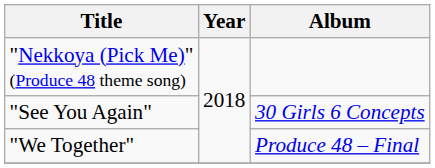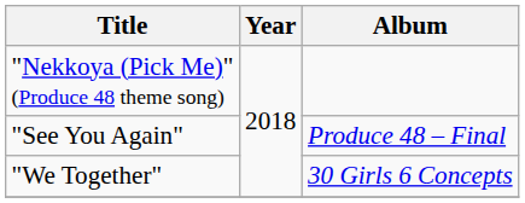 <table class="wikitable">
 <tr>
 <th>Title</th>
 <th>Year</th>
 <th>Album</th>
 </tr>
 <tr>
 <td>"<a href='#'>Nekkoya (Pick Me)</a>"<br><small>(<a href='#'>Produce 48</a> theme song)</small></td>
 <td rowspan="3">2018</td>
 <td></td>
 </tr>
 <tr>
 <td>"See You Again"</td>
-<td><em><a href='#'>30 Girls 6 Concepts</a></em></td>
+<td><em><a href='#'>Produce 48 – Final</a></em></td>
 </tr>
 <tr>
 <td>"We Together"</td>
-<td><em><a href='#'>Produce 48 – Final</a></em></td>
+<td><em><a href='#'>30 Girls 6 Concepts</a></em></td>
 </tr>
 <tr>
 </tr>
 </table>
